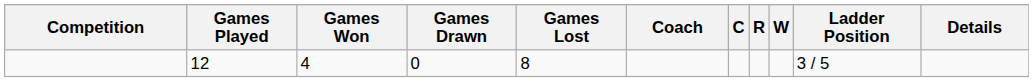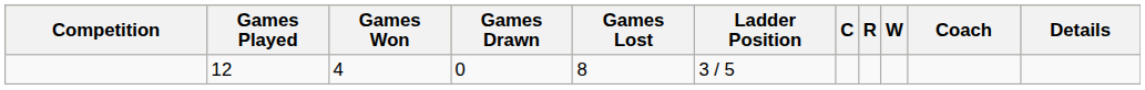 <table class="wikitable" width="100%" style="font-size:90%">
 <tr bgcolor=#bdb76b>
 <th>Competition</th>
 <th>Games<br>Played</th>
 <th>Games<br>Won</th>
 <th>Games<br>Drawn</th>
 <th>Games<br>Lost</th>
-<th>Coach</th>
+<th>Ladder<br>Position</th>
 <th width="2%">C</th>
 <th width="2%">R</th>
 <th width="2%">W</th>
-<th>Ladder<br>Position</th>
+<th>Coach</th>
 <th>Details</th>
 </tr>
 <tr>
 <td></td>
 <td>12</td>
 <td>4</td>
 <td>0</td>
 <td>8</td>
-<td rowspan="1"></td>
+<td>3 / 5</td>
 <td></td>
 <td></td>
 <td></td>
-<td>3 / 5</td>
+<td rowspan="1"></td>
 <td></td>
 </tr>
 </table>
